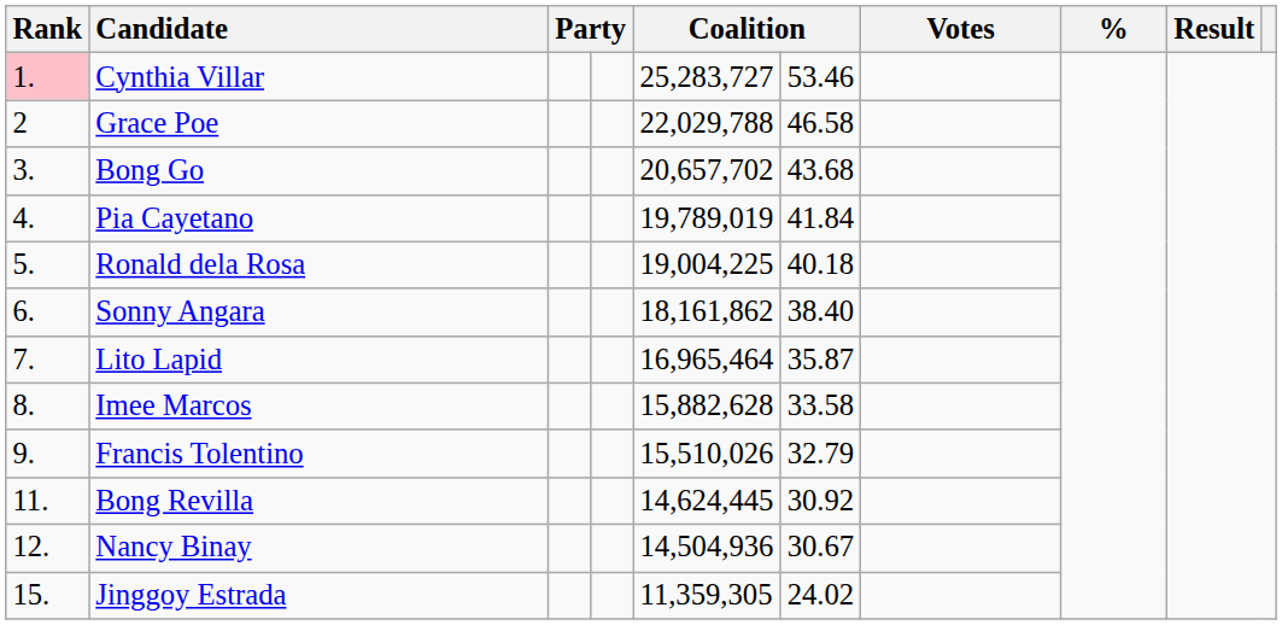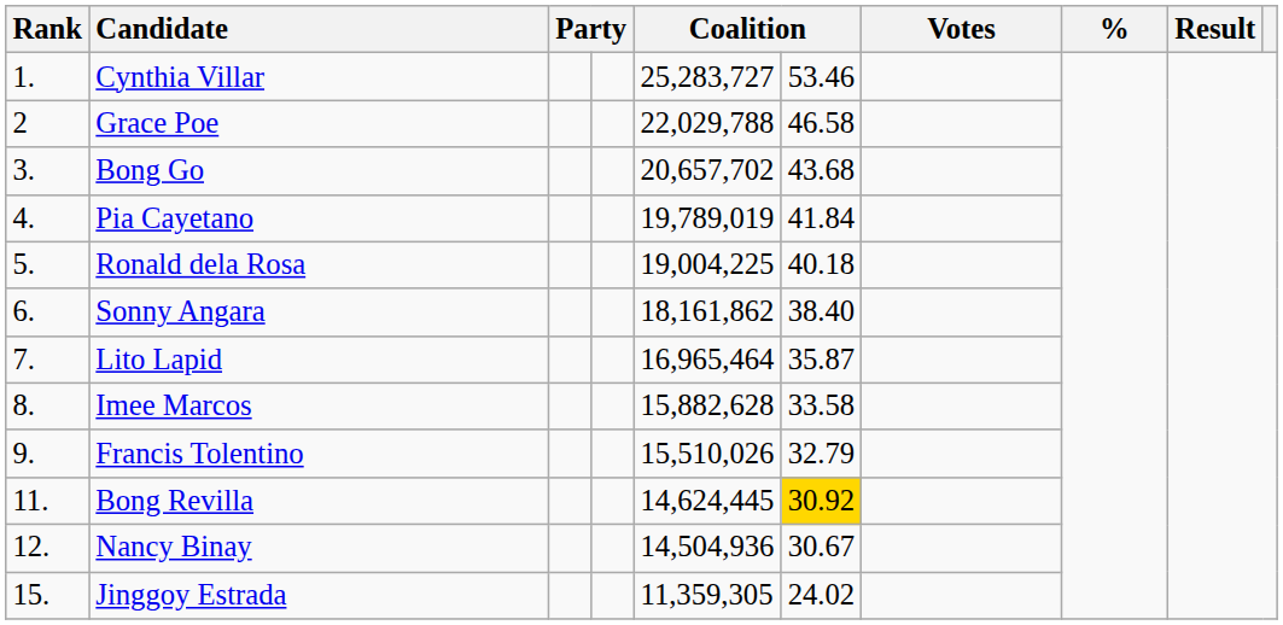 <table class="wikitable">
 <tr>
 <th width="5px">Rank</th>
 <th style="text-align:left;width: 15em">Candidate</th>
 <th colspan="2">Party</th>
 <th colspan="2">Coalition</th>
 <th width="100px">Votes</th>
 <th width="50px">%</th>
 <th>Result</th>
 <th></th>
 </tr>
 <tr>
-<td style="background: pink;">1.</td>
+<td>1.</td>
 <td width="200px" style="text-align:left;"><a href='#'>Cynthia Villar</a></td>
 <td></td>
 <td></td>
 <td>25,283,727</td>
 <td>53.46</td>
 <td></td>
 <td rowspan="12"></td>
 </tr>
 <tr>
 <td>2</td>
 <td width="200px" style="text-align:left;"><a href='#'>Grace Poe </a></td>
 <td></td>
 <td></td>
 <td>22,029,788</td>
 <td>46.58</td>
 <td></td>
 </tr>
 <tr>
 <td>3.</td>
 <td width="200px" style="text-align:left;"><a href='#'>Bong Go</a></td>
 <td></td>
 <td></td>
 <td>20,657,702</td>
 <td>43.68</td>
 <td></td>
 </tr>
 <tr>
 <td>4.</td>
 <td width="200px" style="text-align:left;"><a href='#'>Pia Cayetano</a></td>
 <td></td>
 <td></td>
 <td>19,789,019</td>
 <td>41.84</td>
 <td></td>
 </tr>
 <tr>
 <td>5.</td>
 <td width="200px" style="text-align:left;"><a href='#'>Ronald dela Rosa</a></td>
 <td></td>
 <td></td>
 <td>19,004,225</td>
 <td>40.18</td>
 <td></td>
 </tr>
 <tr>
 <td>6.</td>
 <td width="200px" style="text-align:left;"><a href='#'>Sonny Angara</a></td>
 <td></td>
 <td></td>
 <td>18,161,862</td>
 <td>38.40</td>
 <td></td>
 </tr>
 <tr>
 <td>7.</td>
 <td width="200px" style="text-align:left;"><a href='#'>Lito Lapid</a></td>
 <td></td>
 <td></td>
 <td>16,965,464</td>
 <td>35.87</td>
 <td></td>
 </tr>
 <tr>
 <td>8.</td>
 <td width="200px" style="text-align:left;"><a href='#'>Imee Marcos</a></td>
 <td></td>
 <td></td>
 <td>15,882,628</td>
 <td>33.58</td>
 <td></td>
 </tr>
 <tr>
 <td>9.</td>
 <td width="200px" style="text-align:left;"><a href='#'>Francis Tolentino</a></td>
 <td></td>
 <td></td>
 <td>15,510,026</td>
 <td>32.79</td>
 <td></td>
 </tr>
 <tr>
 <td>11.</td>
 <td width="200px" style="text-align:left;"><a href='#'>Bong Revilla</a></td>
 <td></td>
 <td></td>
 <td>14,624,445</td>
-<td>30.92</td>
+<td style="background: gold;">30.92</td>
 <td></td>
 </tr>
 <tr>
 <td>12.</td>
 <td width="200px" style="text-align:left;"><a href='#'>Nancy Binay</a></td>
 <td></td>
 <td></td>
 <td>14,504,936</td>
 <td>30.67</td>
 <td></td>
 </tr>
 <tr>
 <td>15.</td>
 <td width="200px" style="text-align:left;"><a href='#'>Jinggoy Estrada</a></td>
 <td></td>
 <td></td>
 <td>11,359,305</td>
 <td>24.02</td>
 <td></td>
 </tr>
 </table>
